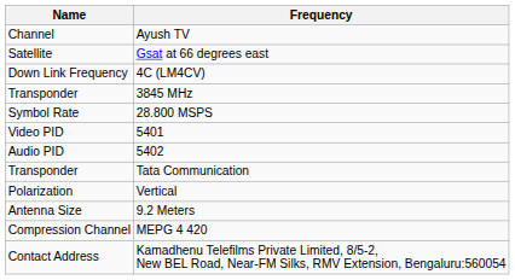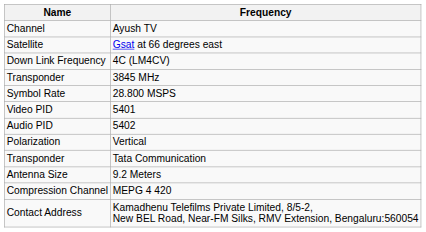 <table class="wikitable">
 <tr>
 <th>Name</th>
 <th>Frequency</th>
 </tr>
 <tr>
 <td>Channel</td>
 <td>Ayush TV</td>
 </tr>
 <tr>
 <td>Satellite</td>
 <td><a href='#'>Gsat</a>  at 66 degrees east</td>
 </tr>
 <tr>
 <td>Down Link Frequency</td>
 <td>4C (LM4CV)</td>
 </tr>
 <tr>
 <td>Transponder</td>
 <td>3845 MHz</td>
 </tr>
 <tr>
 <td>Symbol Rate</td>
 <td>28.800 MSPS</td>
 </tr>
 <tr>
 <td>Video PID</td>
 <td>5401</td>
 </tr>
 <tr>
 <td>Audio PID</td>
 <td>5402</td>
 </tr>
 <tr>
+<td>Polarization</td>
+<td>Vertical</td>
+</tr>
+<tr>
 <td>Transponder</td>
 <td>Tata Communication</td>
-</tr>
-<tr>
-<td>Polarization</td>
-<td>Vertical</td>
 </tr>
 <tr>
 <td>Antenna Size</td>
 <td>9.2 Meters</td>
 </tr>
 <tr>
 <td>Compression Channel</td>
 <td>MEPG 4 420</td>
 </tr>
 <tr>
 <td>Contact Address</td>
 <td>Kamadhenu Telefilms Private Limited, 8/5-2,<br>New BEL Road, Near-FM Silks, RMV Extension,  Bengaluru:560054</td>
 </tr>
 </table>
